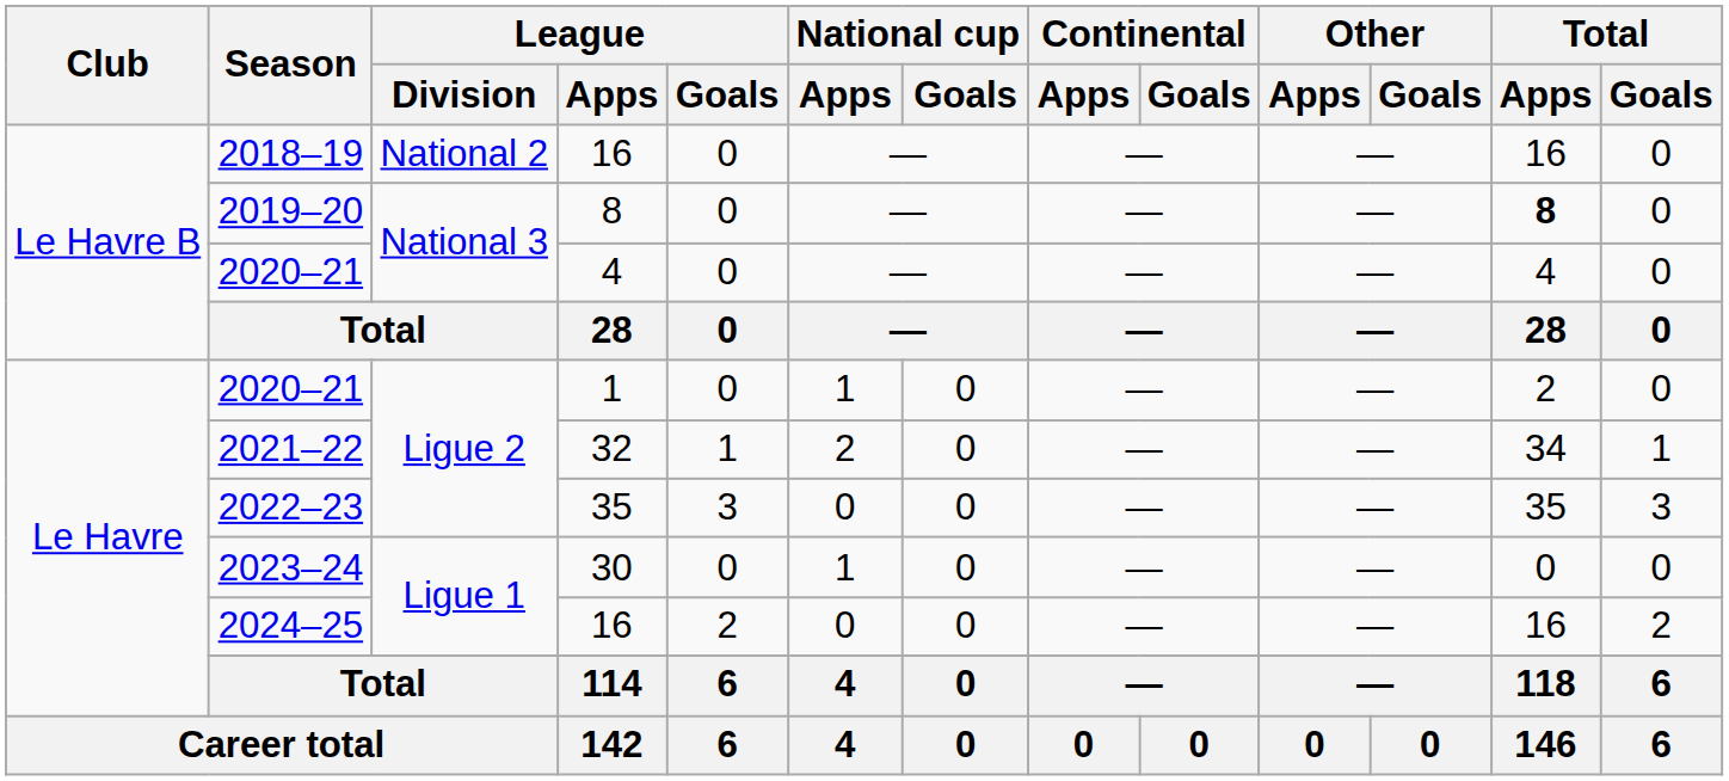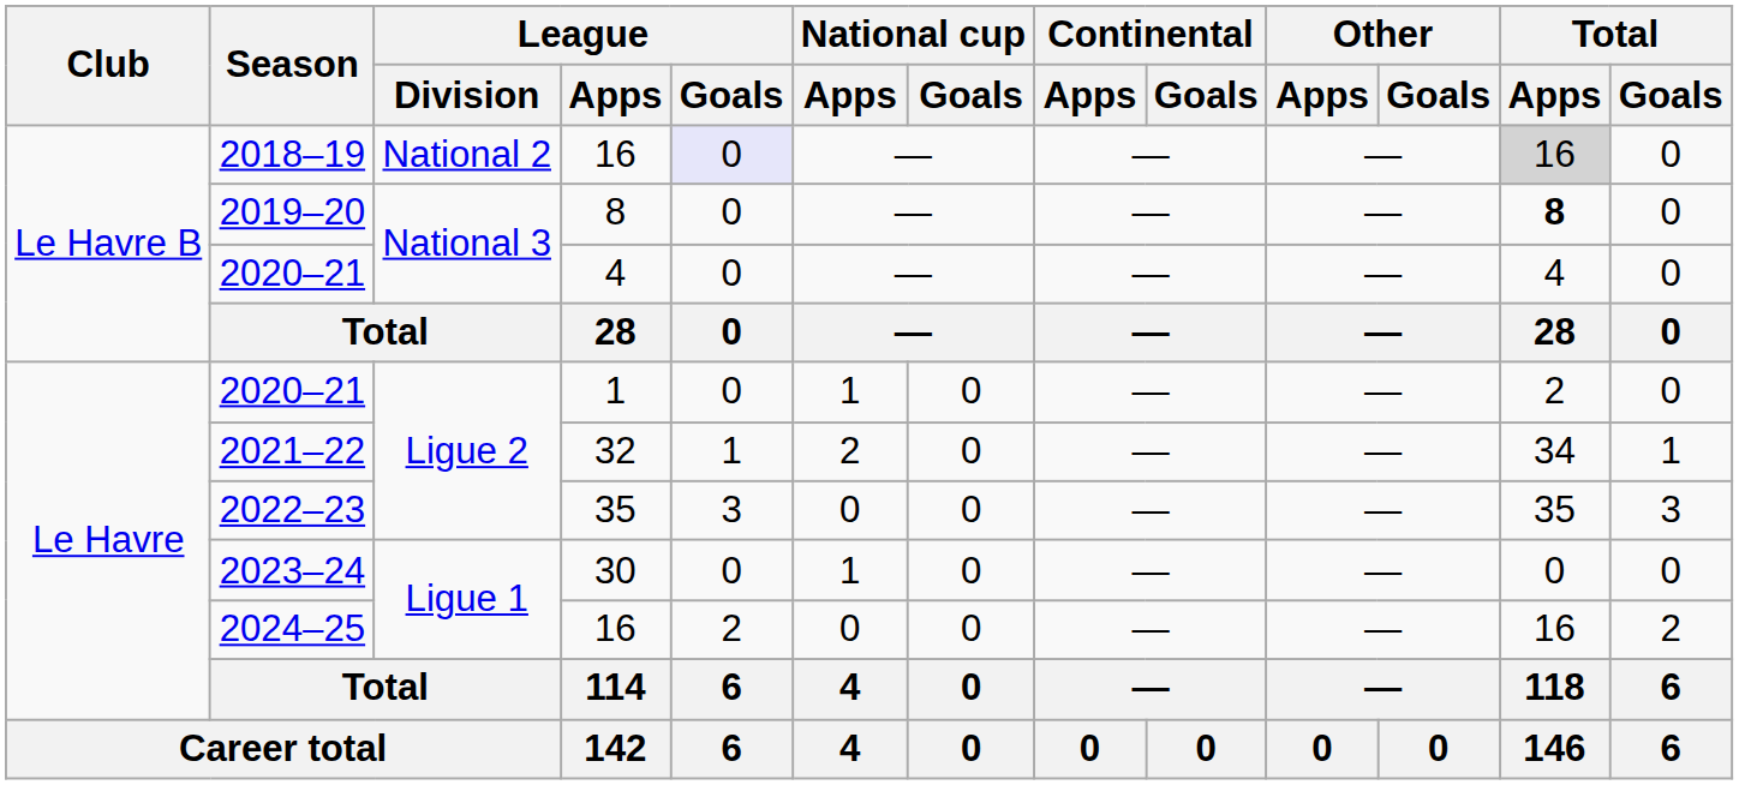 <table class="wikitable" style="text-align:center">
 <tr>
 <th rowspan="2">Club</th>
 <th rowspan="2">Season</th>
 <th colspan="3">League</th>
 <th colspan="2">National cup</th>
 <th colspan="2">Continental</th>
 <th colspan="2">Other</th>
 <th colspan="2">Total</th>
 </tr>
 <tr>
 <th>Division</th>
 <th>Apps</th>
 <th>Goals</th>
 <th>Apps</th>
 <th>Goals</th>
 <th>Apps</th>
 <th>Goals</th>
 <th>Apps</th>
 <th>Goals</th>
 <th>Apps</th>
 <th>Goals</th>
 </tr>
 <tr>
 <td rowspan="4"><a href='#'>Le Havre B</a></td>
 <td><a href='#'>2018–19</a></td>
 <td><a href='#'>National 2</a></td>
 <td>16</td>
-<td>0</td>
+<td style="background: lavender;">0</td>
 <td colspan="2">—</td>
 <td colspan="2">—</td>
 <td colspan="2">—</td>
-<td>16</td>
+<td style="background: lightgrey;">16</td>
 <td>0</td>
 </tr>
 <tr>
 <td><a href='#'>2019–20</a></td>
 <td rowspan="2"><a href='#'>National 3</a></td>
 <td>8</td>
 <td>0</td>
 <td colspan="2">—</td>
 <td colspan="2">—</td>
 <td colspan="2">—</td>
 <td><strong>8</strong></td>
 <td>0</td>
 </tr>
 <tr>
 <td><a href='#'>2020–21</a></td>
 <td>4</td>
 <td>0</td>
 <td colspan="2">—</td>
 <td colspan="2">—</td>
 <td colspan="2">—</td>
 <td>4</td>
 <td>0</td>
 </tr>
 <tr>
 <th colspan="2">Total</th>
 <th>28</th>
 <th>0</th>
 <th colspan="2">—</th>
 <th colspan="2">—</th>
 <th colspan="2">—</th>
 <th>28</th>
 <th>0</th>
 </tr>
 <tr>
 <td rowspan="6"><a href='#'>Le Havre</a></td>
 <td><a href='#'>2020–21</a></td>
 <td rowspan="3"><a href='#'>Ligue 2</a></td>
 <td>1</td>
 <td>0</td>
 <td>1</td>
 <td>0</td>
 <td colspan="2">—</td>
 <td colspan="2">—</td>
 <td>2</td>
 <td>0</td>
 </tr>
 <tr>
 <td><a href='#'>2021–22</a></td>
 <td>32</td>
 <td>1</td>
 <td>2</td>
 <td>0</td>
 <td colspan="2">—</td>
 <td colspan="2">—</td>
 <td>34</td>
 <td>1</td>
 </tr>
 <tr>
 <td><a href='#'>2022–23</a></td>
 <td>35</td>
 <td>3</td>
 <td>0</td>
 <td>0</td>
 <td colspan="2">—</td>
 <td colspan="2">—</td>
 <td>35</td>
 <td>3</td>
 </tr>
 <tr>
 <td><a href='#'>2023–24</a></td>
 <td rowspan="2"><a href='#'>Ligue 1</a></td>
 <td>30</td>
 <td>0</td>
 <td>1</td>
 <td>0</td>
 <td colspan="2">—</td>
 <td colspan="2">—</td>
 <td>0</td>
 <td>0</td>
 </tr>
 <tr>
 <td><a href='#'>2024–25</a></td>
 <td>16</td>
 <td>2</td>
 <td>0</td>
 <td>0</td>
 <td colspan="2">—</td>
 <td colspan="2">—</td>
 <td>16</td>
 <td>2</td>
 </tr>
 <tr>
 <th colspan="2">Total</th>
 <th>114</th>
 <th>6</th>
 <th>4</th>
 <th>0</th>
 <th colspan="2">—</th>
 <th colspan="2">—</th>
 <th>118</th>
 <th>6</th>
 </tr>
 <tr>
 <th colspan="3">Career total</th>
 <th>142</th>
 <th>6</th>
 <th>4</th>
 <th>0</th>
 <th>0</th>
 <th>0</th>
 <th>0</th>
 <th>0</th>
 <th>146</th>
 <th>6</th>
 </tr>
 </table>
